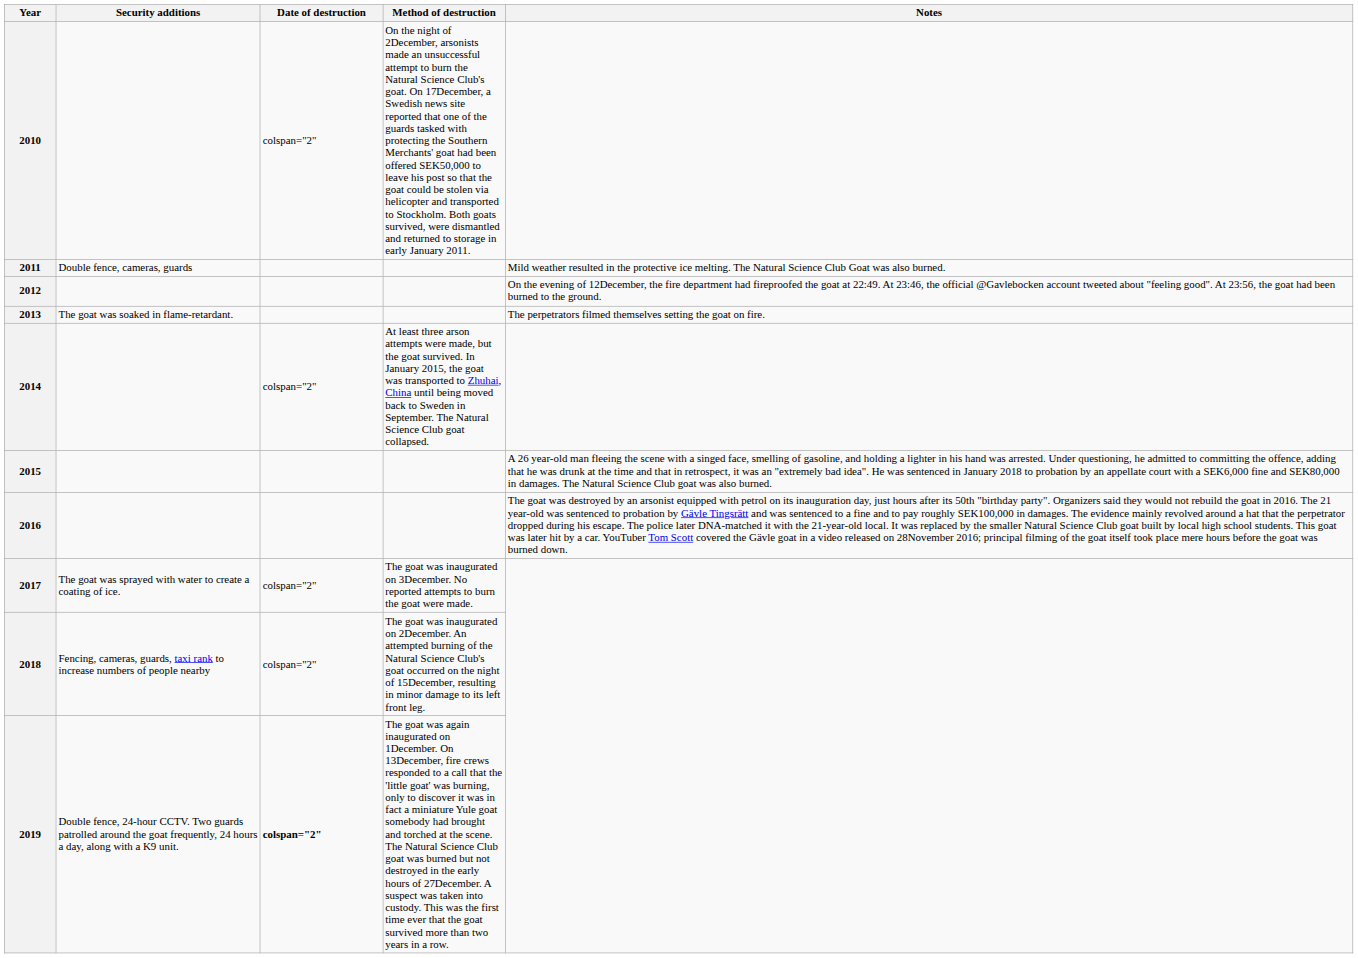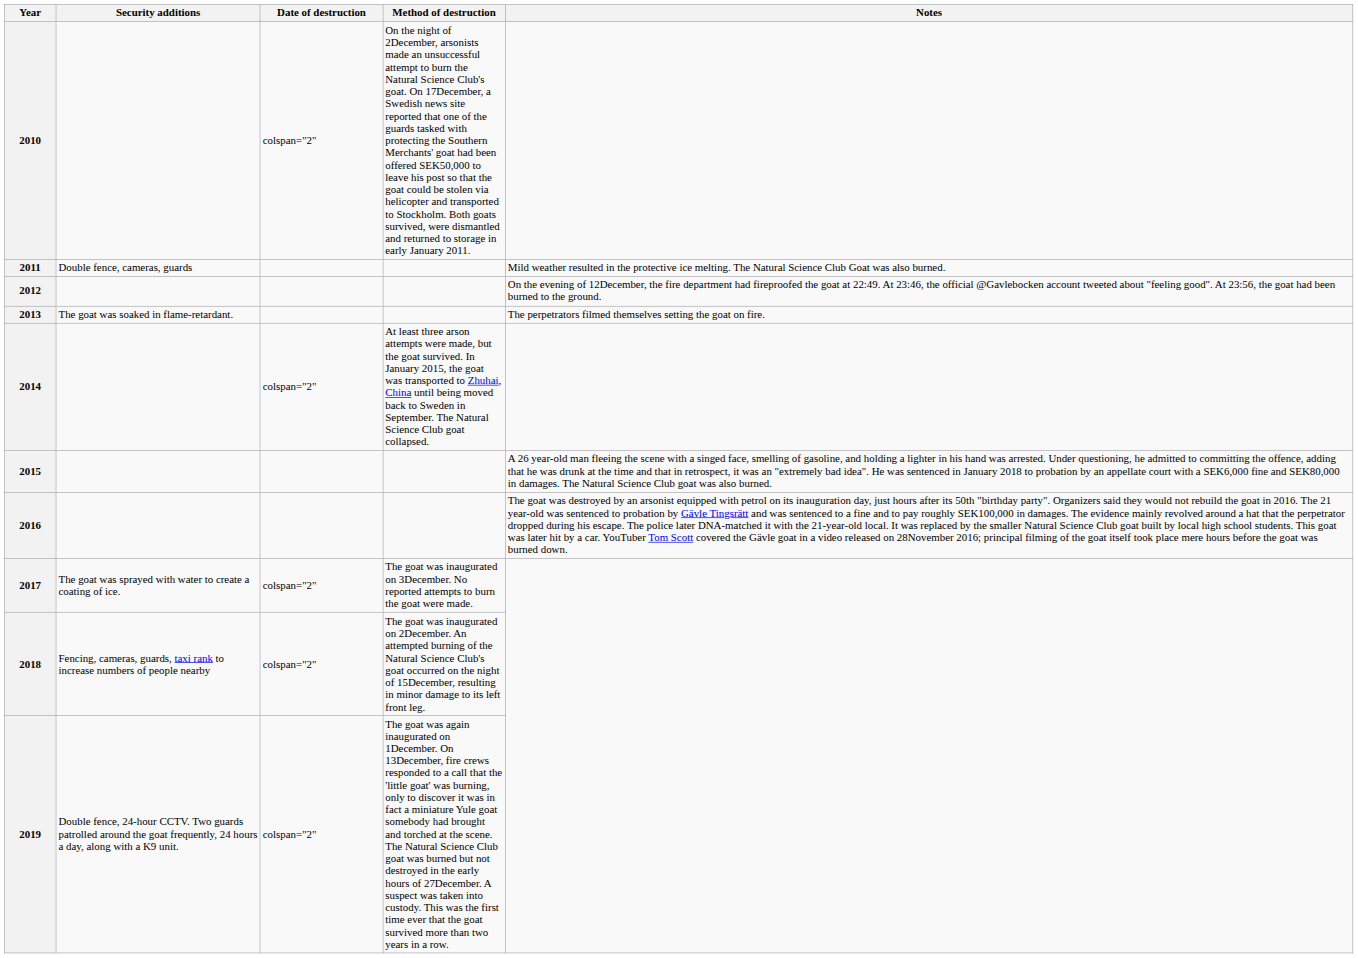 <table class="sortable wikitable" style="width: 100%;">
 <tr>
 <th scope="col" width="40">Year</th>
 <th scope="col" width="180">Security additions</th>
 <th scope="col" width="105">Date of destruction</th>
 <th scope="col" width="105">Method of destruction</th>
 <th scope="col" width="770">Notes</th>
 </tr>
 <tr>
 <th scope="row">2010</th>
 <td></td>
 <td>colspan="2" </td>
 <td>On the night of 2December, arsonists made an unsuccessful attempt to burn the Natural Science Club's goat. On 17December, a Swedish news site reported that one of the guards tasked with protecting the Southern Merchants' goat had been offered SEK50,000 to leave his post so that the goat could be stolen via helicopter and transported to Stockholm. Both goats survived, were dismantled and returned to storage in early January 2011.</td>
 </tr>
 <tr>
 <th scope="row">2011</th>
 <td>Double fence, cameras, guards</td>
 <td></td>
 <td></td>
 <td>Mild weather resulted in the protective ice melting. The Natural Science Club Goat was also burned.</td>
 </tr>
 <tr>
 <th scope="row">2012</th>
 <td></td>
 <td></td>
 <td></td>
 <td>On the evening of 12December, the fire department had fireproofed the goat at 22:49. At 23:46, the official @Gavlebocken account tweeted about "feeling good". At 23:56, the goat had been burned to the ground.</td>
 </tr>
 <tr>
 <th scope="row">2013</th>
 <td>The goat was soaked in flame-retardant.</td>
 <td></td>
 <td></td>
 <td>The perpetrators filmed themselves setting the goat on fire.</td>
 </tr>
 <tr>
 <th scope="row">2014</th>
 <td></td>
 <td>colspan="2" </td>
 <td>At least three arson attempts were made, but the goat survived. In January 2015, the goat was transported to <a href='#'>Zhuhai</a>, <a href='#'>China</a> until being moved back to Sweden in September. The Natural Science Club goat collapsed.</td>
 </tr>
 <tr>
 <th scope="row">2015</th>
 <td></td>
 <td></td>
 <td></td>
 <td>A 26 year-old man fleeing the scene with a singed face, smelling of gasoline, and holding a lighter in his hand was arrested. Under questioning, he admitted to committing the offence, adding that he was drunk at the time and that in retrospect, it was an "extremely bad idea". He was sentenced in January 2018 to probation by an appellate court with a SEK6,000 fine and SEK80,000 in damages. The Natural Science Club goat was also burned.</td>
 </tr>
 <tr>
 <th scope="row">2016</th>
 <td></td>
 <td></td>
 <td></td>
 <td>The goat was destroyed by an arsonist equipped with petrol on its inauguration day, just hours after its 50th "birthday party". Organizers said they would not rebuild the goat in 2016. The 21 year-old was sentenced to probation by <a href='#'>Gävle Tingsrätt</a> and was sentenced to a fine and to pay roughly SEK100,000 in damages. The evidence mainly revolved around a hat that the perpetrator dropped during his escape. The police later DNA-matched it with the 21-year-old local. It was replaced by the smaller Natural Science Club goat built by local high school students. This goat was later hit by a car. YouTuber <a href='#'>Tom Scott</a> covered the Gävle goat in a video released on 28November 2016; principal filming of the goat itself took place mere hours before the goat was burned down.</td>
 </tr>
 <tr>
 <th scope="row">2017</th>
 <td>The goat was sprayed with water to create a coating of ice.</td>
 <td>colspan="2" </td>
 <td>The goat was inaugurated on 3December. No reported attempts to burn the goat were made.</td>
 </tr>
 <tr>
 <th scope="row">2018</th>
 <td>Fencing, cameras, guards, <a href='#'>taxi rank</a> to increase numbers of people nearby</td>
 <td>colspan="2" </td>
 <td>The goat was inaugurated on 2December. An attempted burning of the Natural Science Club's goat occurred on the night of 15December, resulting in minor damage to its left front leg.</td>
 </tr>
 <tr>
 <th scope="row">2019</th>
 <td>Double fence, 24-hour CCTV. Two guards patrolled around the goat frequently, 24 hours a day, along with a K9 unit.</td>
-<td><strong>colspan="2" </strong></td>
+<td>colspan="2" </td>
 <td>The goat was again inaugurated on 1December. On 13December, fire crews responded to a call that the 'little goat' was burning, only to discover it was in fact a miniature Yule goat somebody had brought and torched at the scene. The Natural Science Club goat was burned but not destroyed in the early hours of 27December. A suspect was taken into custody. This was the first time ever that the goat survived more than two years in a row.</td>
 </tr>
 </table>
